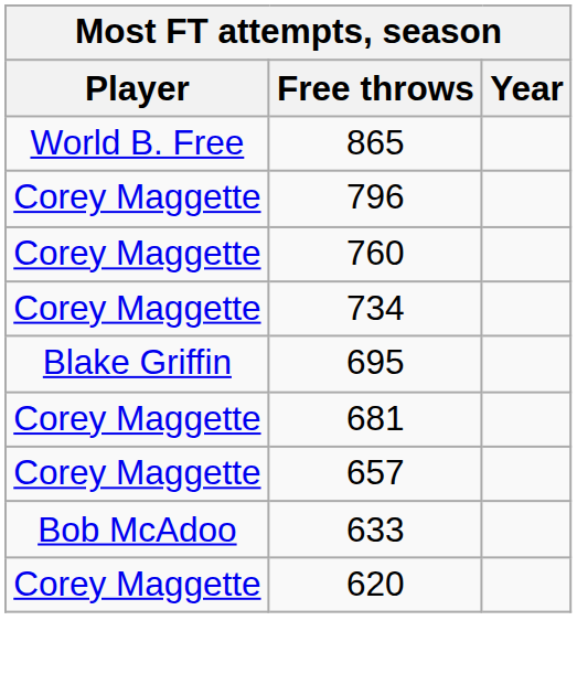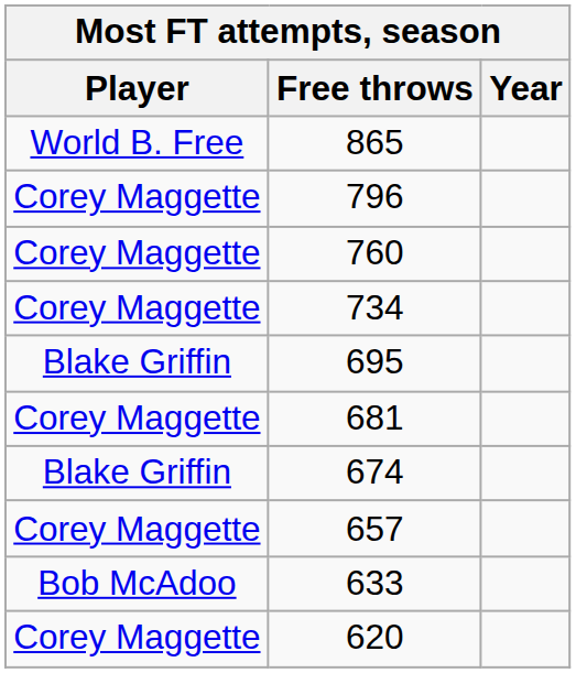 <table class="wikitable sortable" style="text-align:center">
 <tr>
 <th colspan="3">Most FT attempts, season</th>
 </tr>
 <tr>
 <th>Player</th>
 <th>Free throws</th>
 <th>Year</th>
 </tr>
 <tr>
 <td><a href='#'>World B. Free</a></td>
 <td>865</td>
 <td></td>
 </tr>
 <tr>
 <td><a href='#'>Corey Maggette</a></td>
 <td>796</td>
 <td></td>
 </tr>
 <tr>
 <td><a href='#'>Corey Maggette</a></td>
 <td>760</td>
 <td></td>
 </tr>
 <tr>
 <td><a href='#'>Corey Maggette</a></td>
 <td>734</td>
 <td></td>
 </tr>
 <tr>
 <td><a href='#'>Blake Griffin</a></td>
 <td>695</td>
 <td></td>
 </tr>
 <tr>
 <td><a href='#'>Corey Maggette</a></td>
 <td>681</td>
 <td></td>
 </tr>
 <tr>
+<td><a href='#'>Blake Griffin</a></td>
+<td>674</td>
+<td></td>
+</tr>
+<tr>
 <td><a href='#'>Corey Maggette</a></td>
 <td>657</td>
 <td></td>
 </tr>
 <tr>
 <td><a href='#'>Bob McAdoo</a></td>
 <td>633</td>
 <td></td>
 </tr>
 <tr>
 <td><a href='#'>Corey Maggette</a></td>
 <td>620</td>
 <td></td>
 </tr>
 </table>
